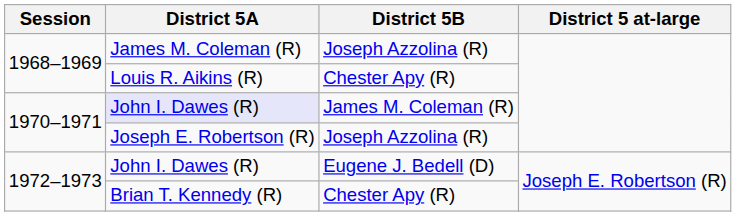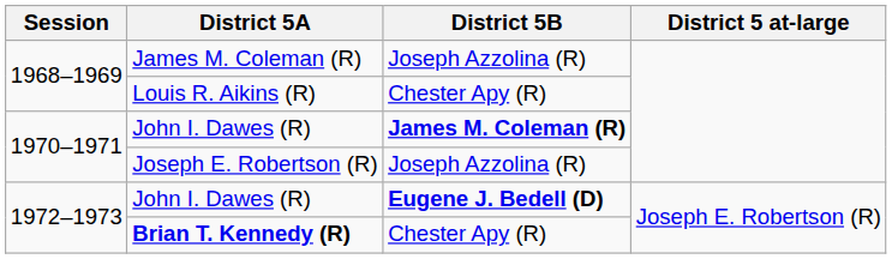 <table class="wikitable">
 <tr>
 <th>Session</th>
 <th>District 5A</th>
 <th>District 5B</th>
 <th>District 5 at-large</th>
 </tr>
 <tr>
 <td rowspan=2>1968–1969</td>
 <td><a href='#'>James M. Coleman</a> (R)</td>
 <td><a href='#'>Joseph Azzolina</a> (R)</td>
 </tr>
 <tr>
 <td><a href='#'>Louis R. Aikins</a> (R)</td>
 <td><a href='#'>Chester Apy</a> (R)</td>
 </tr>
 <tr>
 <td rowspan=2>1970–1971</td>
-<td style="background: lavender;"><a href='#'>John I. Dawes</a> (R)</td>
-<td><a href='#'>James M. Coleman</a> (R)</td>
+<td><a href='#'>John I. Dawes</a> (R)</td>
+<td><strong><a href='#'>James M. Coleman</a> (R)</strong></td>
 </tr>
 <tr>
 <td><a href='#'>Joseph E. Robertson</a> (R)</td>
 <td><a href='#'>Joseph Azzolina</a> (R)</td>
 </tr>
 <tr>
 <td rowspan=2>1972–1973</td>
 <td><a href='#'>John I. Dawes</a> (R)</td>
-<td><a href='#'>Eugene J. Bedell</a> (D)</td>
+<td><strong><a href='#'>Eugene J. Bedell</a> (D)</strong></td>
 <td rowspan=2 ><a href='#'>Joseph E. Robertson</a> (R)</td>
 </tr>
 <tr>
-<td><a href='#'>Brian T. Kennedy</a> (R)</td>
+<td><strong><a href='#'>Brian T. Kennedy</a> (R)</strong></td>
 <td><a href='#'>Chester Apy</a> (R)</td>
 </tr>
 </table>
